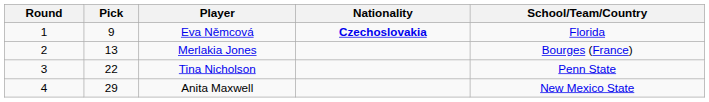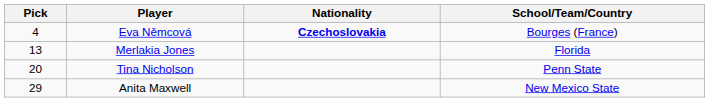 <table class="wikitable" style="text-align:center; width:60em">
 <tr>
-<th>Round</th>
 <th>Pick</th>
 <th>Player</th>
 <th>Nationality</th>
 <th>School/Team/Country</th>
 </tr>
 <tr>
-<td>1</td>
-<td>9</td>
+<td>4</td>
 <td><a href='#'>Eva Němcová</a></td>
 <td><strong> <a href='#'>Czechoslovakia</a></strong></td>
+<td><a href='#'>Bourges</a> (<a href='#'>France</a>)</td>
+</tr>
+<tr>
+<td>13</td>
+<td><a href='#'>Merlakia Jones</a></td>
+<td></td>
 <td><a href='#'>Florida</a></td>
 </tr>
 <tr>
-<td>2</td>
-<td>13</td>
-<td><a href='#'>Merlakia Jones</a></td>
-<td></td>
-<td><a href='#'>Bourges</a> (<a href='#'>France</a>)</td>
-</tr>
-<tr>
-<td>3</td>
-<td>22</td>
+<td>20</td>
 <td><a href='#'>Tina Nicholson</a></td>
 <td></td>
 <td><a href='#'>Penn State</a></td>
 </tr>
 <tr>
-<td>4</td>
 <td>29</td>
 <td>Anita Maxwell</td>
 <td></td>
 <td><a href='#'>New Mexico State</a></td>
 </tr>
 </table>
